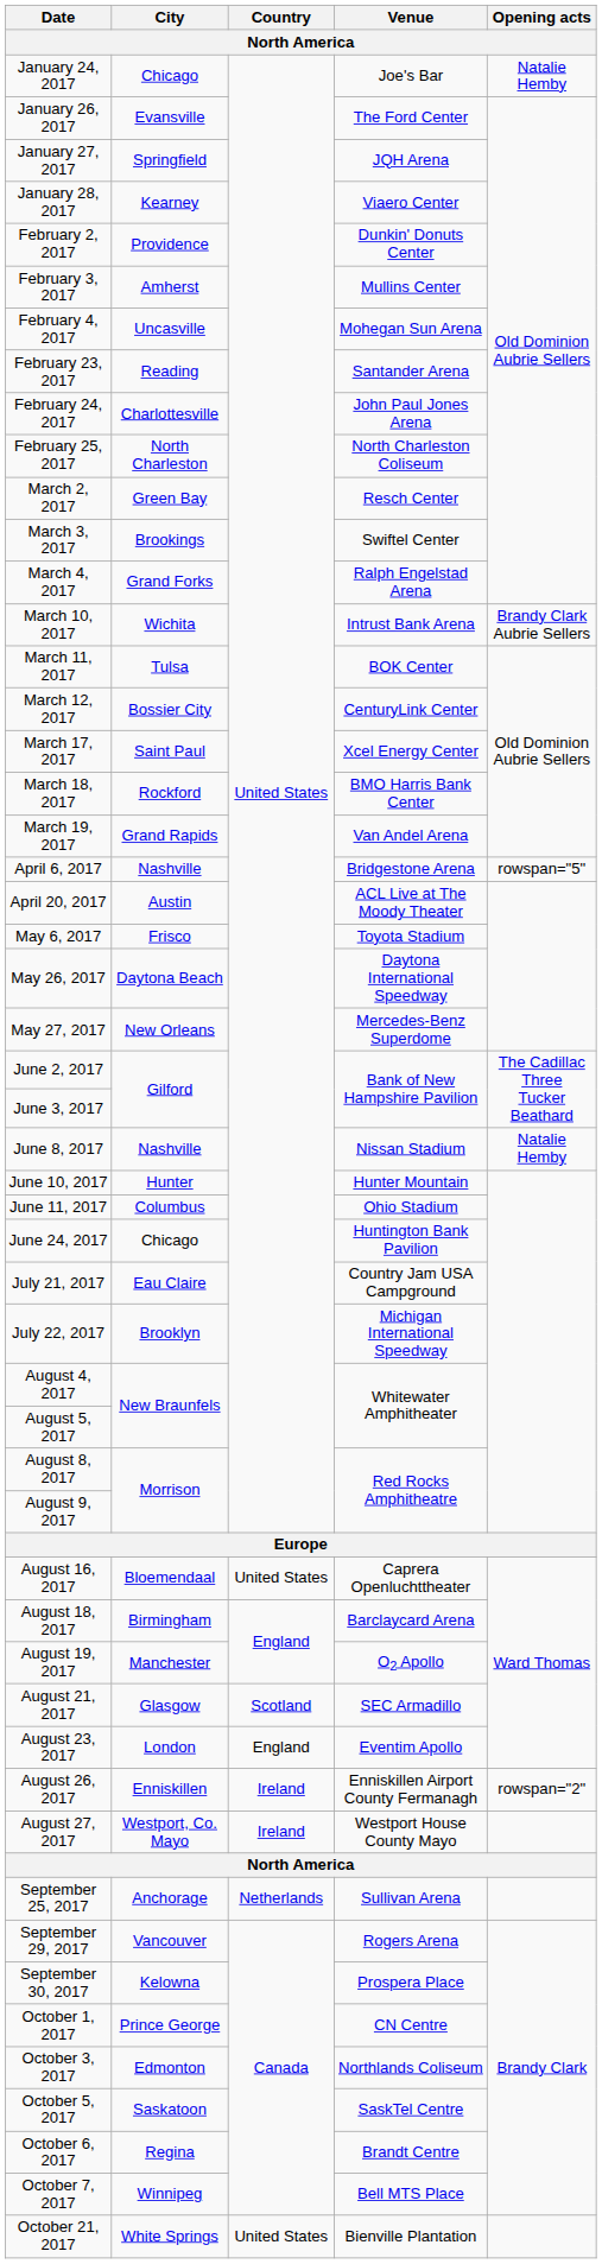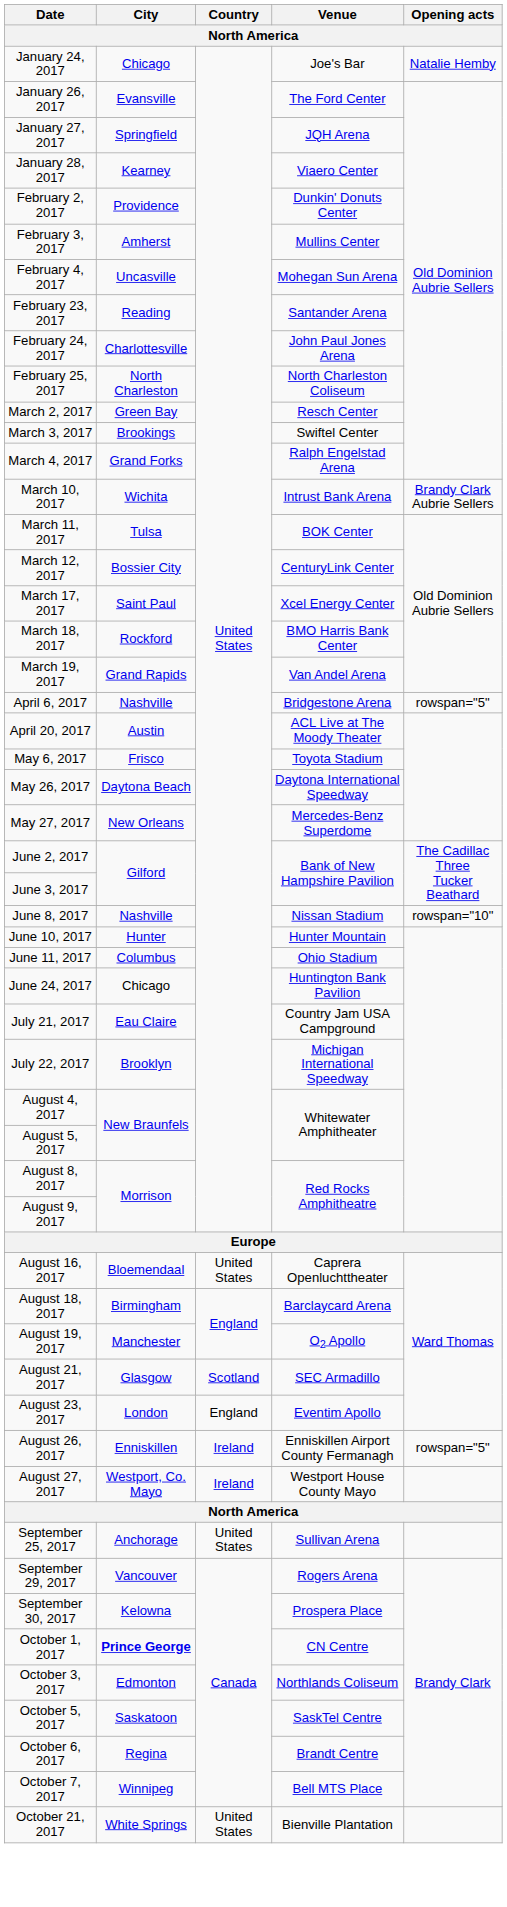 <table class="wikitable" style="text-align:center;">
 <tr>
 <th scope="col" style="width:12em;">Date</th>
 <th scope="col" style="width:10em;">City</th>
 <th scope="col" style="width:10em;">Country</th>
 <th scope="col" style="width:16em;">Venue</th>
 <th scope="col" style="width:10em;">Opening acts</th>
 </tr>
 <tr>
 <th colspan="7">North America</th>
 </tr>
 <tr>
 <td>January 24, 2017</td>
 <td><a href='#'>Chicago</a></td>
 <td rowspan="36"><a href='#'>United States</a></td>
 <td>Joe's Bar</td>
 <td><a href='#'>Natalie Hemby</a></td>
 </tr>
 <tr>
 <td>January 26, 2017</td>
 <td><a href='#'>Evansville</a></td>
 <td><a href='#'>The Ford Center</a></td>
 <td rowspan="12"><a href='#'>Old Dominion</a><br><a href='#'>Aubrie Sellers</a></td>
 </tr>
 <tr>
 <td>January 27, 2017</td>
 <td><a href='#'>Springfield</a></td>
 <td><a href='#'>JQH Arena</a></td>
 </tr>
 <tr>
 <td>January 28, 2017</td>
 <td><a href='#'>Kearney</a></td>
 <td><a href='#'>Viaero Center</a></td>
 </tr>
 <tr>
 <td>February 2, 2017</td>
 <td><a href='#'>Providence</a></td>
 <td><a href='#'>Dunkin' Donuts Center</a></td>
 </tr>
 <tr>
 <td>February 3, 2017</td>
 <td><a href='#'>Amherst</a></td>
 <td><a href='#'>Mullins Center</a></td>
 </tr>
 <tr>
 <td>February 4, 2017</td>
 <td><a href='#'>Uncasville</a></td>
 <td><a href='#'>Mohegan Sun Arena</a></td>
 </tr>
 <tr>
 <td>February 23, 2017</td>
 <td><a href='#'>Reading</a></td>
 <td><a href='#'>Santander Arena</a></td>
 </tr>
 <tr>
 <td>February 24, 2017</td>
 <td><a href='#'>Charlottesville</a></td>
 <td><a href='#'>John Paul Jones Arena</a></td>
 </tr>
 <tr>
 <td>February 25, 2017</td>
 <td><a href='#'>North Charleston</a></td>
 <td><a href='#'>North Charleston Coliseum</a></td>
 </tr>
 <tr>
 <td>March 2, 2017</td>
 <td><a href='#'>Green Bay</a></td>
 <td><a href='#'>Resch Center</a></td>
 </tr>
 <tr>
 <td>March 3, 2017</td>
 <td><a href='#'>Brookings</a></td>
 <td>Swiftel Center</td>
 </tr>
 <tr>
 <td>March 4, 2017</td>
 <td><a href='#'>Grand Forks</a></td>
 <td><a href='#'>Ralph Engelstad Arena</a></td>
 </tr>
 <tr>
 <td>March 10, 2017</td>
 <td><a href='#'>Wichita</a></td>
 <td><a href='#'>Intrust Bank Arena</a></td>
 <td><a href='#'>Brandy Clark</a><br>Aubrie Sellers</td>
 </tr>
 <tr>
 <td>March 11, 2017</td>
 <td><a href='#'>Tulsa</a></td>
 <td><a href='#'>BOK Center</a></td>
 <td rowspan="5">Old Dominion<br>Aubrie Sellers</td>
 </tr>
 <tr>
 <td>March 12, 2017</td>
 <td><a href='#'>Bossier City</a></td>
 <td><a href='#'>CenturyLink Center</a></td>
 </tr>
 <tr>
 <td>March 17, 2017</td>
 <td><a href='#'>Saint Paul</a></td>
 <td><a href='#'>Xcel Energy Center</a></td>
 </tr>
 <tr>
 <td>March 18, 2017</td>
 <td><a href='#'>Rockford</a></td>
 <td><a href='#'>BMO Harris Bank Center</a></td>
 </tr>
 <tr>
 <td>March 19, 2017</td>
 <td><a href='#'>Grand Rapids</a></td>
 <td><a href='#'>Van Andel Arena</a></td>
 </tr>
 <tr>
 <td>April 6, 2017</td>
 <td><a href='#'>Nashville</a></td>
 <td><a href='#'>Bridgestone Arena</a></td>
 <td>rowspan="5" </td>
 </tr>
 <tr>
 <td>April 20, 2017</td>
 <td><a href='#'>Austin</a></td>
 <td><a href='#'>ACL Live at The Moody Theater</a></td>
 </tr>
 <tr>
 <td>May 6, 2017</td>
 <td><a href='#'>Frisco</a></td>
 <td><a href='#'>Toyota Stadium</a></td>
 </tr>
 <tr>
 <td>May 26, 2017</td>
 <td><a href='#'>Daytona Beach</a></td>
 <td><a href='#'>Daytona International Speedway</a></td>
 </tr>
 <tr>
 <td>May 27, 2017</td>
 <td><a href='#'>New Orleans</a></td>
 <td><a href='#'>Mercedes-Benz Superdome</a></td>
 </tr>
 <tr>
 <td>June 2, 2017</td>
 <td rowspan="2"><a href='#'>Gilford</a></td>
 <td rowspan="2"><a href='#'>Bank of New Hampshire Pavilion</a></td>
 <td rowspan="2"><a href='#'>The Cadillac Three</a><br><a href='#'>Tucker Beathard</a></td>
 </tr>
 <tr>
 <td>June 3, 2017</td>
 </tr>
 <tr>
 <td>June 8, 2017</td>
 <td><a href='#'>Nashville</a></td>
 <td><a href='#'>Nissan Stadium</a></td>
-<td><a href='#'>Natalie Hemby</a></td>
+<td>rowspan="10" </td>
 </tr>
 <tr>
 <td>June 10, 2017</td>
 <td><a href='#'>Hunter</a></td>
 <td><a href='#'>Hunter Mountain</a></td>
 </tr>
 <tr>
 <td>June 11, 2017</td>
 <td><a href='#'>Columbus</a></td>
 <td><a href='#'>Ohio Stadium</a></td>
 </tr>
 <tr>
 <td>June 24, 2017</td>
 <td>Chicago</td>
 <td><a href='#'>Huntington Bank Pavilion</a></td>
 </tr>
 <tr>
 <td>July 21, 2017</td>
 <td><a href='#'>Eau Claire</a></td>
 <td>Country Jam USA Campground</td>
 </tr>
 <tr>
 <td>July 22, 2017</td>
 <td><a href='#'>Brooklyn</a></td>
 <td><a href='#'>Michigan International Speedway</a></td>
 </tr>
 <tr>
 <td>August 4, 2017</td>
 <td rowspan="2"><a href='#'>New Braunfels</a></td>
 <td rowspan="2">Whitewater Amphitheater</td>
 </tr>
 <tr>
 <td>August 5, 2017</td>
 </tr>
 <tr>
 <td>August 8, 2017</td>
 <td rowspan="2"><a href='#'>Morrison</a></td>
 <td rowspan="2"><a href='#'>Red Rocks Amphitheatre</a></td>
 </tr>
 <tr>
 <td>August 9, 2017</td>
 </tr>
 <tr>
 <th colspan="7">Europe</th>
 </tr>
 <tr>
 <td>August 16, 2017</td>
 <td><a href='#'>Bloemendaal</a></td>
 <td>United States</td>
 <td>Caprera Openluchttheater</td>
 <td rowspan="5"><a href='#'>Ward Thomas</a></td>
 </tr>
 <tr>
 <td>August 18, 2017</td>
 <td><a href='#'>Birmingham</a></td>
 <td rowspan="2"><a href='#'>England</a></td>
 <td><a href='#'>Barclaycard Arena</a></td>
 </tr>
 <tr>
 <td>August 19, 2017</td>
 <td><a href='#'>Manchester</a></td>
 <td><a href='#'>O<sub>2</sub> Apollo</a></td>
 </tr>
 <tr>
 <td>August 21, 2017</td>
 <td><a href='#'>Glasgow</a></td>
 <td><a href='#'>Scotland</a></td>
 <td><a href='#'>SEC Armadillo</a></td>
 </tr>
 <tr>
 <td>August 23, 2017</td>
 <td><a href='#'>London</a></td>
 <td>England</td>
 <td><a href='#'>Eventim Apollo</a></td>
 </tr>
 <tr>
 <td>August 26, 2017</td>
 <td><a href='#'>Enniskillen</a></td>
 <td><a href='#'>Ireland</a></td>
 <td>Enniskillen Airport County Fermanagh</td>
-<td>rowspan="2" </td>
+<td>rowspan="5" </td>
 </tr>
 <tr>
 <td>August 27, 2017</td>
 <td><a href='#'>Westport, Co. Mayo</a></td>
 <td><a href='#'>Ireland</a></td>
 <td>Westport House County Mayo</td>
 </tr>
 <tr>
 <th colspan="7">North America</th>
 </tr>
 <tr>
 <td>September 25, 2017</td>
 <td><a href='#'>Anchorage</a></td>
-<td><a href='#'>Netherlands</a></td>
+<td>United States</td>
 <td><a href='#'>Sullivan Arena</a></td>
 <td></td>
 </tr>
 <tr>
 <td>September 29, 2017</td>
 <td><a href='#'>Vancouver</a></td>
 <td rowspan="7"><a href='#'>Canada</a></td>
 <td><a href='#'>Rogers Arena</a></td>
 <td rowspan="7"><a href='#'>Brandy Clark</a></td>
 </tr>
 <tr>
 <td>September 30, 2017</td>
 <td><a href='#'>Kelowna</a></td>
 <td><a href='#'>Prospera Place</a></td>
 </tr>
 <tr>
 <td>October 1, 2017</td>
-<td><a href='#'>Prince George</a></td>
+<td><strong><a href='#'>Prince George</a></strong></td>
 <td><a href='#'>CN Centre</a></td>
 </tr>
 <tr>
 <td>October 3, 2017</td>
 <td><a href='#'>Edmonton</a></td>
 <td><a href='#'>Northlands Coliseum</a></td>
 </tr>
 <tr>
 <td>October 5, 2017</td>
 <td><a href='#'>Saskatoon</a></td>
 <td><a href='#'>SaskTel Centre</a></td>
 </tr>
 <tr>
 <td>October 6, 2017</td>
 <td><a href='#'>Regina</a></td>
 <td><a href='#'>Brandt Centre</a></td>
 </tr>
 <tr>
 <td>October 7, 2017 </td>
 <td><a href='#'>Winnipeg</a></td>
 <td><a href='#'>Bell MTS Place</a></td>
 </tr>
 <tr>
 <td>October 21, 2017</td>
 <td><a href='#'>White Springs</a></td>
 <td>United States</td>
 <td>Bienville Plantation</td>
 <td></td>
 </tr>
 </table>
